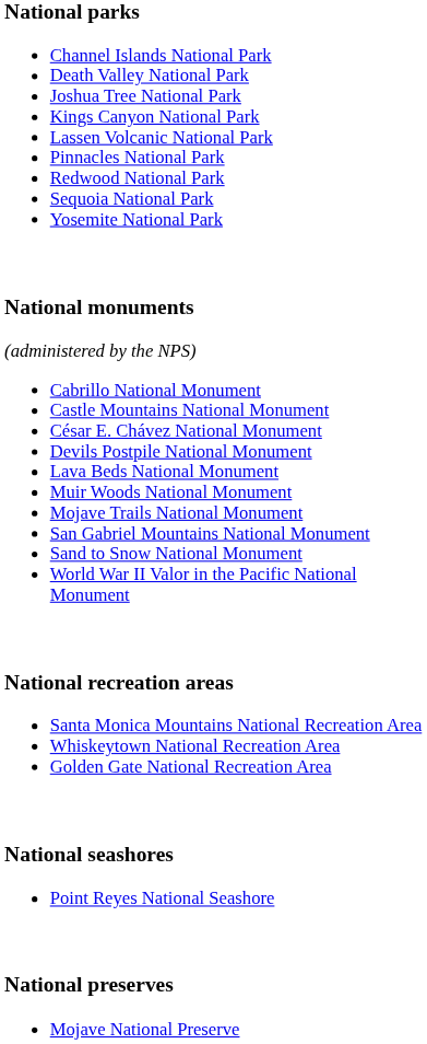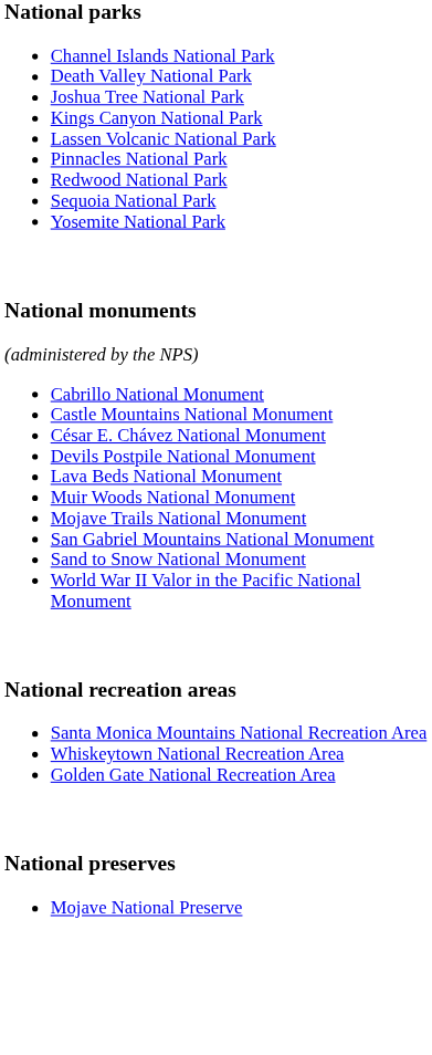 <table width=100% border=0>
 <tr valign="top">
 <td width=30%><br><h3>National parks</h3><ul><li><a href='#'>Channel Islands National Park</a></li><li><a href='#'>Death Valley National Park</a></li><li><a href='#'>Joshua Tree National Park</a></li><li><a href='#'>Kings Canyon National Park</a></li><li><a href='#'>Lassen Volcanic National Park</a></li><li><a href='#'>Pinnacles National Park</a></li><li><a href='#'>Redwood National Park</a></li><li><a href='#'>Sequoia National Park</a></li><li><a href='#'>Yosemite National Park</a></li></ul></td>
 <td></td>
 </tr>
 <tr valign="top">
 <td><br><h3>National monuments</h3><em>(administered by the NPS)</em><ul><li><a href='#'>Cabrillo National Monument</a></li><li><a href='#'>Castle Mountains National Monument</a></li><li><a href='#'>César E. Chávez National Monument</a></li><li><a href='#'>Devils Postpile National Monument</a></li><li><a href='#'>Lava Beds National Monument</a></li><li><a href='#'>Muir Woods National Monument</a></li><li><a href='#'>Mojave Trails National Monument</a></li><li><a href='#'>San Gabriel Mountains National Monument</a></li><li><a href='#'>Sand to Snow National Monument</a></li><li><a href='#'>World War II Valor in the Pacific National Monument</a></li></ul></td>
 <td></td>
 </tr>
 <tr valign="top">
 <td><br><h3>National recreation areas</h3><ul><li><a href='#'>Santa Monica Mountains National Recreation Area</a></li><li><a href='#'>Whiskeytown National Recreation Area</a></li><li><a href='#'>Golden Gate National Recreation Area</a></li></ul></td>
 <td></td>
 </tr>
 <tr valign="top">
-<td><br><h3>National seashores</h3><ul><li><a href='#'>Point Reyes National Seashore</a></li></ul></td>
-<td></td>
-</tr>
-<tr valign="top">
 <td><br><h3>National preserves</h3><ul><li><a href='#'>Mojave National Preserve</a></li></ul></td>
 <td></td>
 </tr>
 </table>
